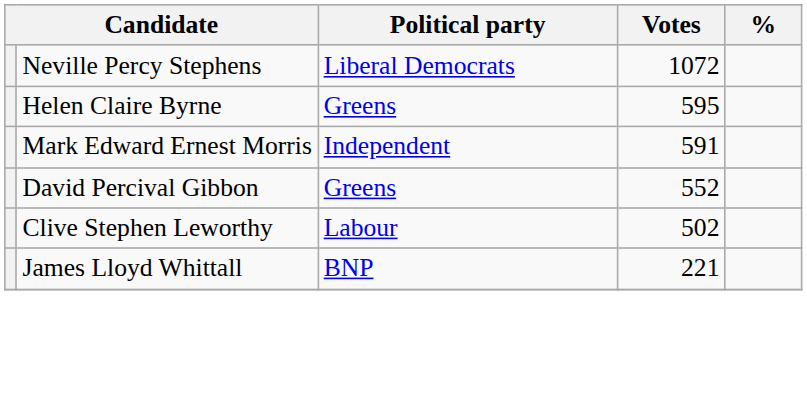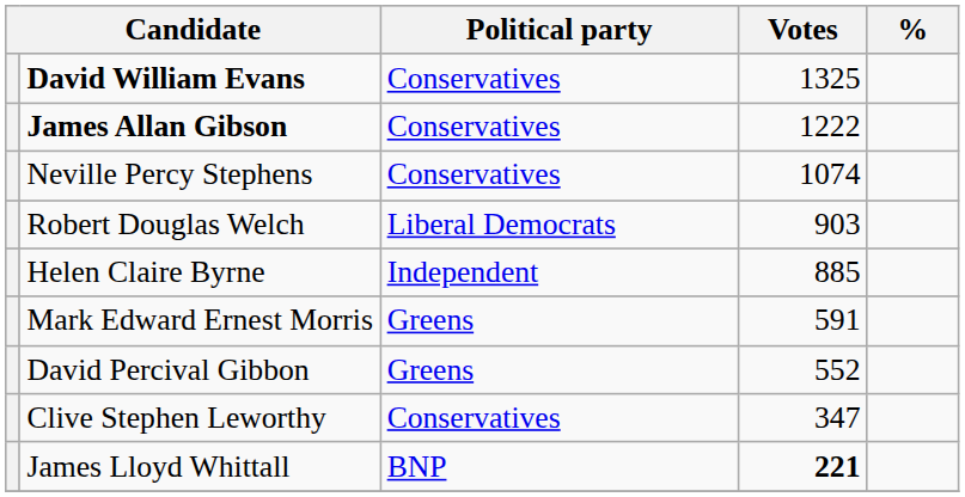 <table class="wikitable">
 <tr>
 <th valign=top colspan="2" style="width: 180px">Candidate</th>
 <th valign=top style="width: 180px">Political party</th>
 <th valign=top style="width: 60px">Votes</th>
 <th valign=top style="width: 40px">%</th>
 </tr>
 <tr>
 <th style="background-color: "></th>
+<td><strong>David William Evans</strong></td>
+<td><a href='#'>Conservatives</a></td>
+<td align="right">1325</td>
+<td align="right"></td>
+</tr>
+<tr>
+<th style="background-color: "></th>
+<td><strong>James Allan Gibson</strong></td>
+<td><a href='#'>Conservatives</a></td>
+<td align="right">1222</td>
+<td align="right"></td>
+</tr>
+<tr>
+<th style="background-color: "></th>
 <td>Neville Percy Stephens</td>
+<td><a href='#'>Conservatives</a></td>
+<td align="right">1074</td>
+<td align="right"></td>
+</tr>
+<tr>
+<th style="background-color: "></th>
+<td>Robert Douglas Welch</td>
 <td><a href='#'>Liberal Democrats</a></td>
-<td align="right">1072</td>
+<td align="right">903</td>
 <td align="right"></td>
 </tr>
 <tr>
 <th style="background-color: "></th>
 <td>Helen Claire Byrne</td>
-<td><a href='#'>Greens</a></td>
-<td align="right">595</td>
+<td><a href='#'>Independent</a></td>
+<td align="right">885</td>
 <td align="right"></td>
 </tr>
 <tr>
 <th style="background-color: "></th>
 <td>Mark Edward Ernest Morris</td>
-<td><a href='#'>Independent</a></td>
+<td><a href='#'>Greens</a></td>
 <td align="right">591</td>
 <td align="right"></td>
 </tr>
 <tr>
 <th style="background-color: "></th>
 <td>David Percival Gibbon</td>
 <td><a href='#'>Greens</a></td>
 <td align="right">552</td>
 <td align="right"></td>
 </tr>
 <tr>
 <th style="background-color: "></th>
 <td>Clive Stephen Leworthy</td>
-<td><a href='#'>Labour</a></td>
-<td align="right">502</td>
+<td><a href='#'>Conservatives</a></td>
+<td align="right">347</td>
 <td align="right"></td>
 </tr>
 <tr>
 <th style="background-color: "></th>
 <td>James Lloyd Whittall</td>
 <td><a href='#'>BNP</a></td>
-<td align="right">221</td>
+<td align="right"><strong>221</strong></td>
 <td align="right"></td>
 </tr>
 <tr>
 </tr>
 </table>
